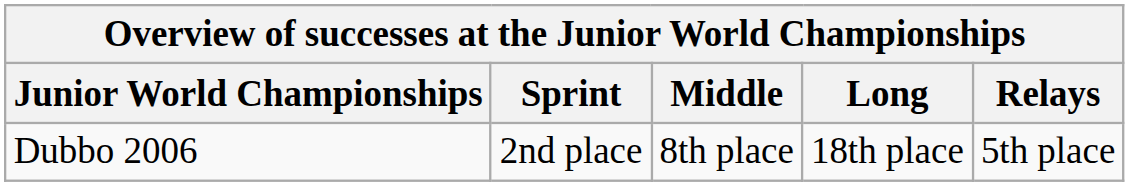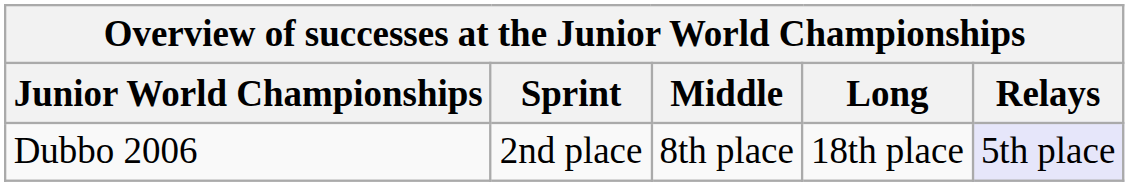 <table class="wikitable">
 <tr>
 <th colspan="5">Overview of successes at the Junior World Championships</th>
 </tr>
 <tr>
 <th>Junior World Championships</th>
 <th>Sprint</th>
 <th>Middle</th>
 <th>Long</th>
 <th>Relays</th>
 </tr>
 <tr>
 <td>Dubbo 2006</td>
 <td>2nd place</td>
 <td>8th place</td>
 <td>18th place</td>
-<td>5th place</td>
+<td style="background: lavender;">5th place</td>
 </tr>
 </table>
